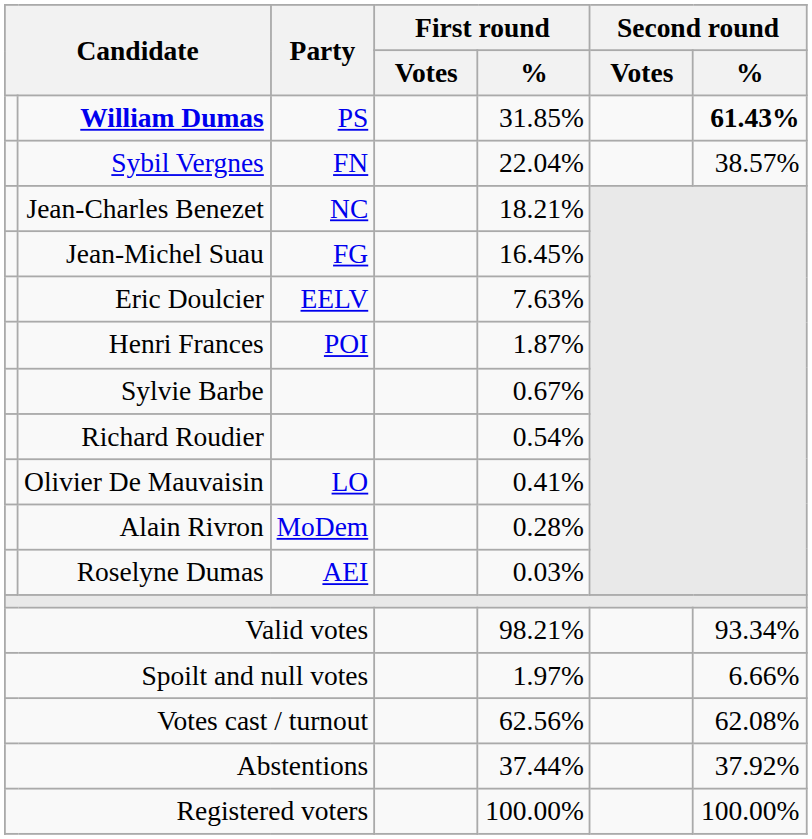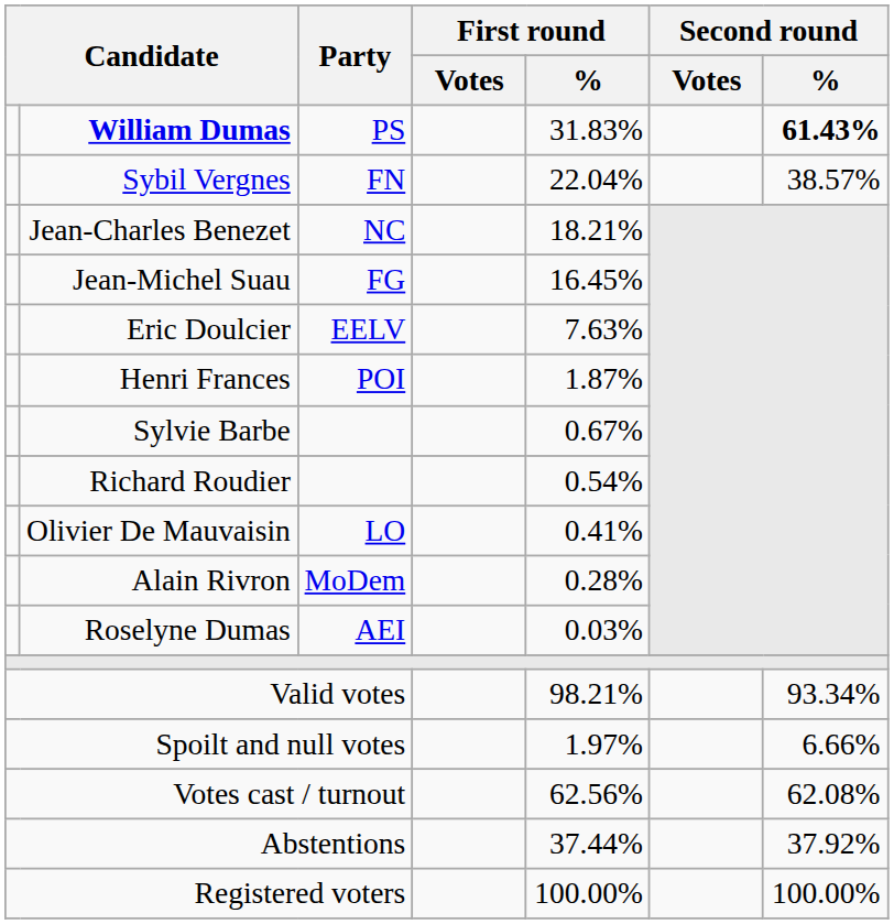 <table class="wikitable" style="text-align:right;font-size:95%;">
 <tr>
 <th rowspan=2 colspan=2>Candidate</th>
 <th rowspan=2 colspan=1>Party</th>
 <th colspan=2>First round</th>
 <th colspan=2>Second round</th>
 </tr>
 <tr>
 <th style="width:50px;">Votes</th>
 <th style="width:55px;">%</th>
 <th style="width:50px;">Votes</th>
 <th style="width:55px;">%</th>
 </tr>
 <tr>
 <td style="color:inherit;background-color:"></td>
 <td><strong><a href='#'>William Dumas</a></strong></td>
 <td><a href='#'>PS</a></td>
 <td></td>
-<td>31.85%</td>
+<td>31.83%</td>
 <td><strong></strong></td>
 <td><strong>61.43%</strong></td>
 </tr>
 <tr>
 <td style="color:inherit;background-color:"></td>
 <td><a href='#'>Sybil Vergnes</a></td>
 <td><a href='#'>FN</a></td>
 <td></td>
 <td>22.04%</td>
 <td></td>
 <td>38.57%</td>
 </tr>
 <tr>
 <td style="color:inherit;background-color:"></td>
 <td>Jean-Charles Benezet</td>
 <td><a href='#'>NC</a></td>
 <td></td>
 <td>18.21%</td>
 <td colspan=7 rowspan=9 style="background-color:#E9E9E9;"></td>
 </tr>
 <tr>
 <td style="color:inherit;background-color:"></td>
 <td>Jean-Michel Suau</td>
 <td><a href='#'>FG</a></td>
 <td></td>
 <td>16.45%</td>
 </tr>
 <tr>
 <td style="color:inherit;background-color:"></td>
 <td>Eric Doulcier</td>
 <td><a href='#'>EELV</a></td>
 <td></td>
 <td>7.63%</td>
 </tr>
 <tr>
 <td style="color:inherit;background-color:"></td>
 <td>Henri Frances</td>
 <td><a href='#'>POI</a></td>
 <td></td>
 <td>1.87%</td>
 </tr>
 <tr>
 <td style="background-color:;"></td>
 <td>Sylvie Barbe</td>
 <td></td>
 <td></td>
 <td>0.67%</td>
 </tr>
 <tr>
 <td style="background-color:;"></td>
 <td>Richard Roudier</td>
 <td></td>
 <td></td>
 <td>0.54%</td>
 </tr>
 <tr>
 <td style="color:inherit;background-color:"></td>
 <td>Olivier De Mauvaisin</td>
 <td><a href='#'>LO</a></td>
 <td></td>
 <td>0.41%</td>
 </tr>
 <tr>
 <td style="color:inherit;background-color:"></td>
 <td>Alain Rivron</td>
 <td><a href='#'>MoDem</a></td>
 <td></td>
 <td>0.28%</td>
 </tr>
 <tr>
 <td style="color:inherit;background-color:"></td>
 <td>Roselyne Dumas</td>
 <td><a href='#'>AEI</a></td>
 <td></td>
 <td>0.03%</td>
 </tr>
 <tr>
 <td colspan=7 style="background-color:#E9E9E9;"></td>
 </tr>
 <tr>
 <td colspan=3>Valid votes</td>
 <td></td>
 <td>98.21%</td>
 <td></td>
 <td>93.34%</td>
 </tr>
 <tr>
 <td colspan=3>Spoilt and null votes</td>
 <td></td>
 <td>1.97%</td>
 <td></td>
 <td>6.66%</td>
 </tr>
 <tr>
 <td colspan=3>Votes cast / turnout</td>
 <td></td>
 <td>62.56%</td>
 <td></td>
 <td>62.08%</td>
 </tr>
 <tr>
 <td colspan=3>Abstentions</td>
 <td></td>
 <td>37.44%</td>
 <td></td>
 <td>37.92%</td>
 </tr>
 <tr>
 <td colspan=3>Registered voters</td>
 <td></td>
 <td>100.00%</td>
 <td></td>
 <td>100.00%</td>
 </tr>
 </table>
